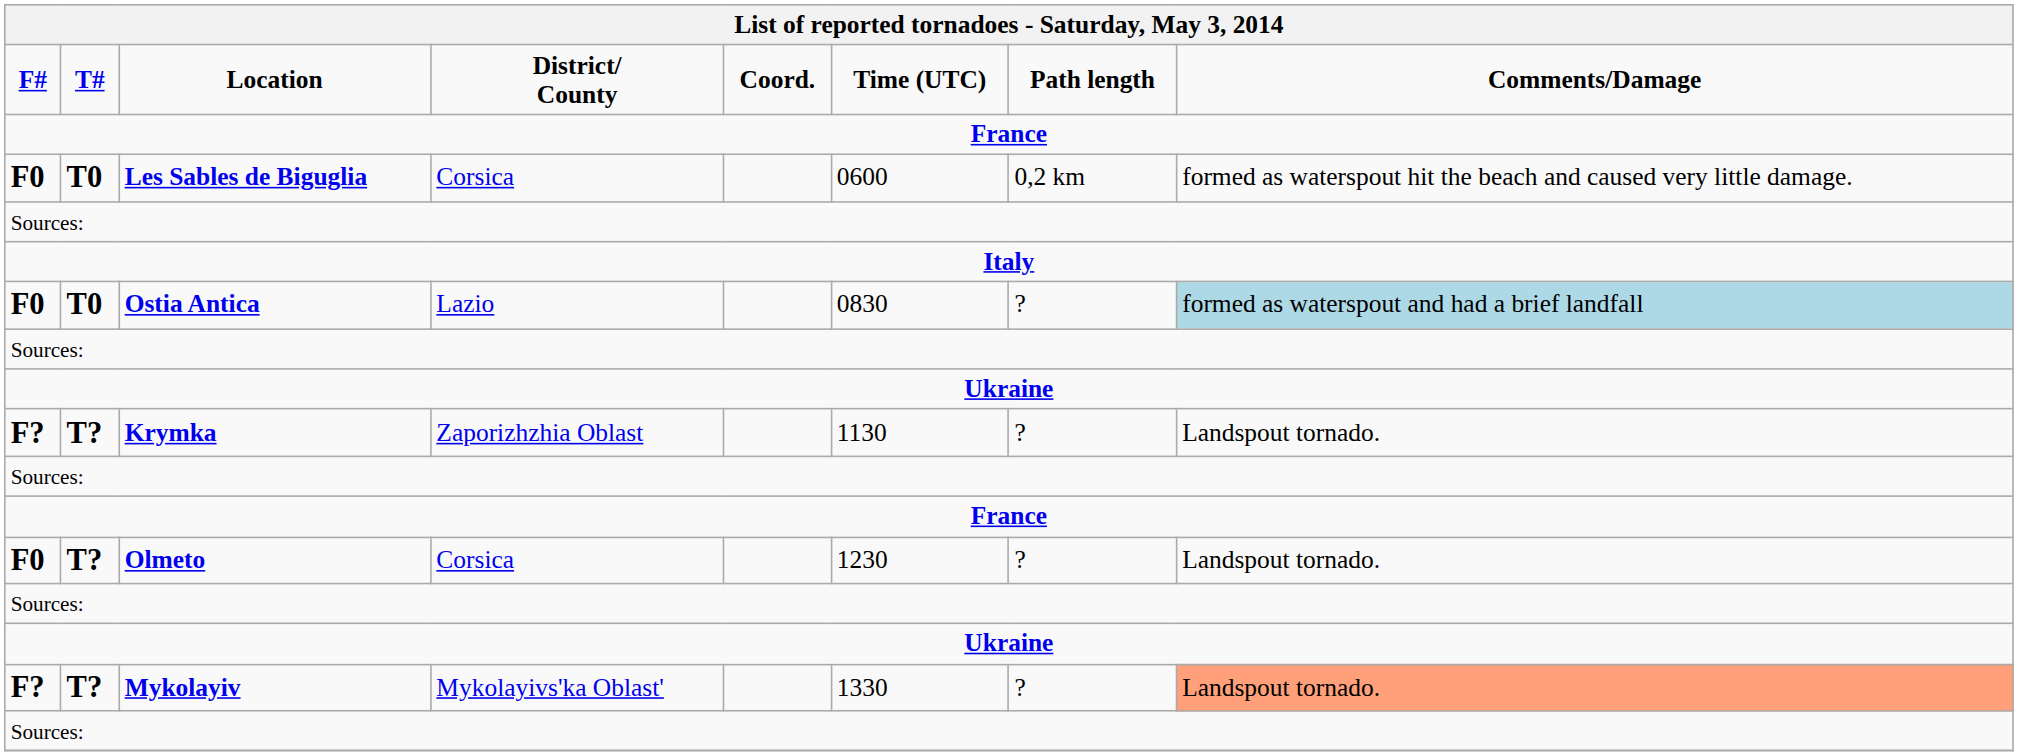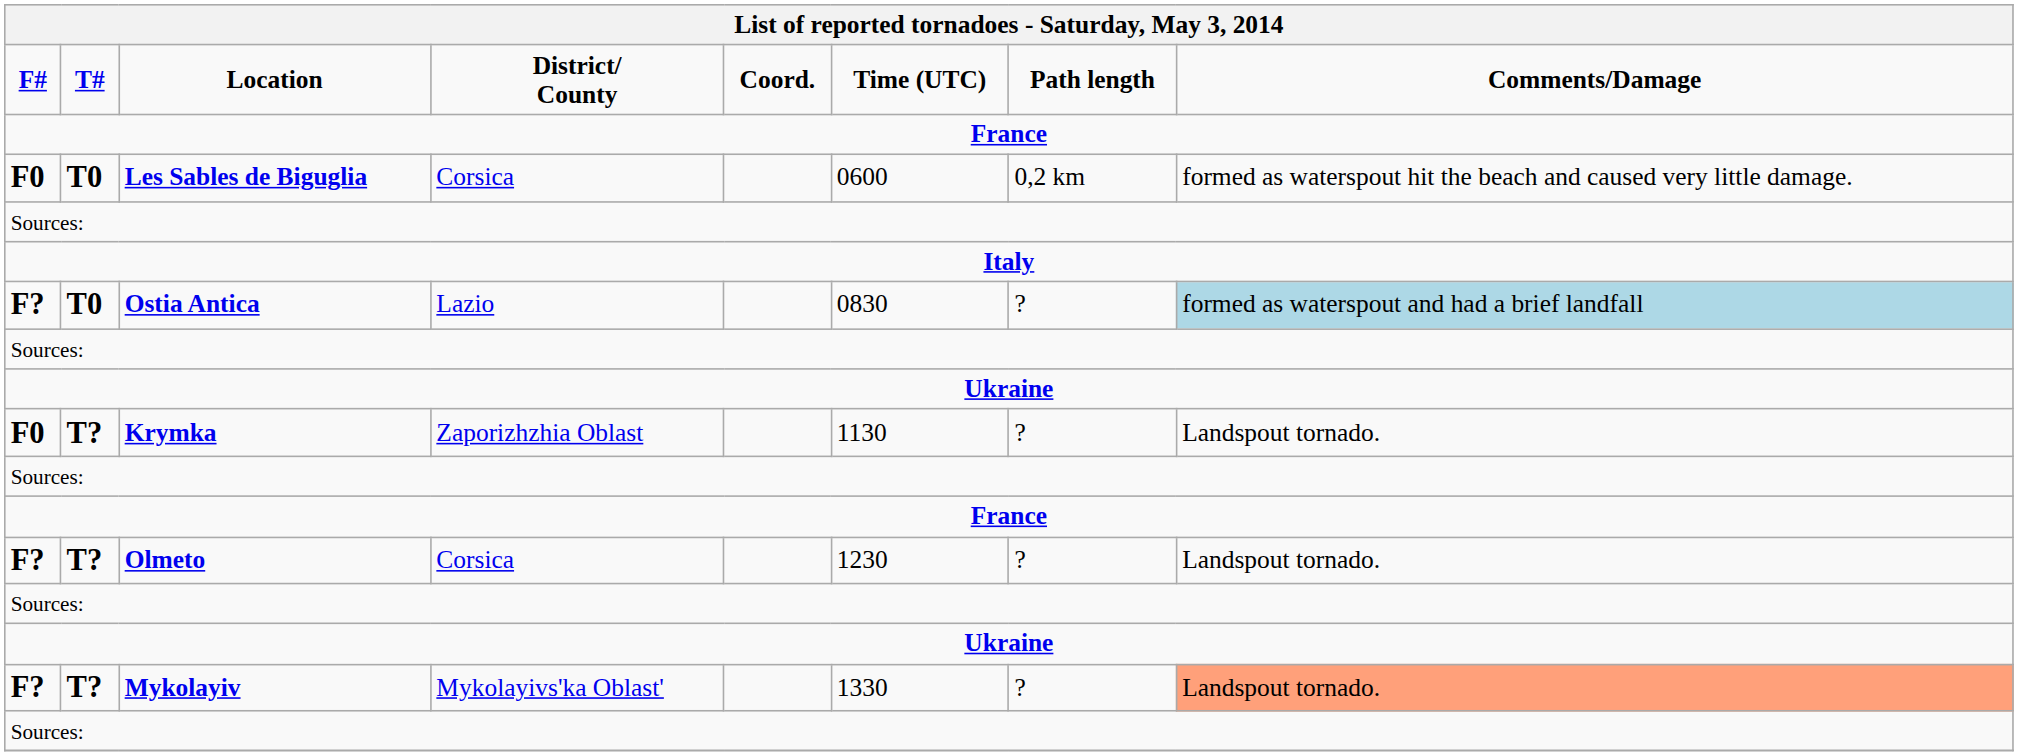 <table class="wikitable collapsible" width="100%">
 <tr>
 <th colspan="8">List of reported tornadoes - Saturday, May 3, 2014</th>
 </tr>
 <tr>
 <td style="text-align: center;"><strong><a href='#'>F#</a></strong></td>
 <td style="text-align: center;"><strong><a href='#'>T#</a></strong></td>
 <td style="text-align: center;"><strong>Location</strong></td>
 <td style="text-align: center;"><strong>District/<br>County</strong></td>
 <td style="text-align: center;"><strong>Coord.</strong></td>
 <td style="text-align: center;"><strong>Time (UTC)</strong></td>
 <td style="text-align: center;"><strong>Path length</strong></td>
 <td style="text-align: center;"><strong>Comments/Damage</strong></td>
 </tr>
 <tr>
 <td colspan="8" align=center><strong><a href='#'>France</a></strong></td>
 </tr>
 <tr>
 <td><big><strong>F0</strong></big></td>
 <td><big><strong>T0</strong></big></td>
 <td><strong><a href='#'>Les Sables de Biguglia</a></strong></td>
 <td><a href='#'>Corsica</a></td>
 <td></td>
 <td>0600</td>
 <td>0,2 km</td>
 <td>formed as waterspout hit the beach and caused very little damage.</td>
 </tr>
 <tr>
 <td colspan="8"><small>Sources:</small></td>
 </tr>
 <tr>
 <td colspan="8" align=center><strong><a href='#'>Italy</a></strong></td>
 </tr>
 <tr>
-<td><big><strong>F0</strong></big></td>
+<td><big><strong>F?</strong></big></td>
 <td><big><strong>T0</strong></big></td>
 <td><strong><a href='#'>Ostia Antica</a></strong></td>
 <td><a href='#'>Lazio</a></td>
 <td></td>
 <td>0830</td>
 <td>?</td>
 <td style="background: lightblue;">formed as waterspout and had a brief landfall</td>
 </tr>
 <tr>
 <td colspan="8"><small>Sources:</small></td>
 </tr>
 <tr>
 <td colspan="8" align=center><strong><a href='#'>Ukraine</a></strong></td>
 </tr>
 <tr>
-<td><big><strong>F?</strong></big></td>
+<td><big><strong>F0</strong></big></td>
 <td><big><strong>T?</strong></big></td>
 <td><strong><a href='#'>Krymka</a></strong></td>
 <td><a href='#'>Zaporizhzhia Oblast</a></td>
 <td></td>
 <td>1130</td>
 <td>?</td>
 <td>Landspout tornado.</td>
 </tr>
 <tr>
 <td colspan="8"><small>Sources:</small></td>
 </tr>
 <tr>
 <td colspan="8" align=center><strong><a href='#'>France</a></strong></td>
 </tr>
 <tr>
-<td><big><strong>F0</strong></big></td>
+<td><big><strong>F?</strong></big></td>
 <td><big><strong>T?</strong></big></td>
 <td><strong><a href='#'>Olmeto</a></strong></td>
 <td><a href='#'>Corsica</a></td>
 <td></td>
 <td>1230</td>
 <td>?</td>
 <td>Landspout tornado.</td>
 </tr>
 <tr>
 <td colspan="8"><small>Sources:</small></td>
 </tr>
 <tr>
 <td colspan="8" align=center><strong><a href='#'>Ukraine</a></strong></td>
 </tr>
 <tr>
 <td><big><strong>F?</strong></big></td>
 <td><big><strong>T?</strong></big></td>
 <td><strong><a href='#'>Mykolayiv</a></strong></td>
 <td><a href='#'>Mykolayivs'ka Oblast'</a></td>
 <td></td>
 <td>1330</td>
 <td>?</td>
 <td style="background: lightsalmon;">Landspout tornado.</td>
 </tr>
 <tr>
 <td colspan="8"><small>Sources:</small></td>
 </tr>
 <tr>
 </tr>
 </table>
